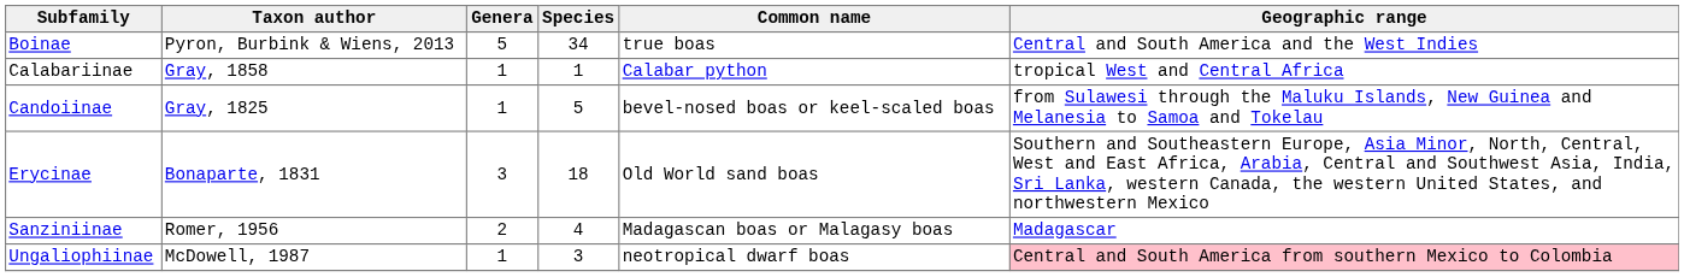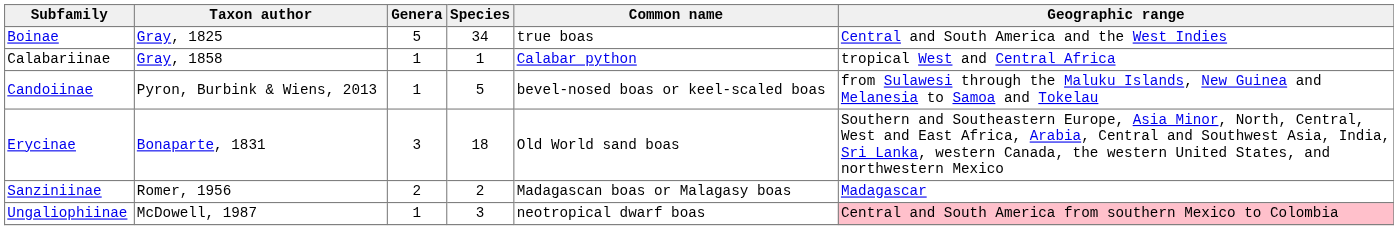 <table cellspacing=0 cellpadding=2 border=1 style="border-collapse: collapse;">
 <tr>
 <th bgcolor="#f0f0f0">Subfamily</th>
 <th bgcolor="#f0f0f0">Taxon author</th>
 <th bgcolor="#f0f0f0">Genera</th>
 <th bgcolor="#f0f0f0">Species</th>
 <th bgcolor="#f0f0f0">Common name</th>
 <th bgcolor="#f0f0f0">Geographic range</th>
 </tr>
 <tr>
 <td><a href='#'>Boinae</a></td>
-<td>Pyron, Burbink & Wiens, 2013</td>
+<td><a href='#'>Gray</a>, 1825</td>
 <td align="center">5</td>
 <td align="center">34</td>
 <td>true boas</td>
 <td style="width:40%"><a href='#'>Central</a> and South America and the <a href='#'>West Indies</a></td>
 </tr>
 <tr>
 <td>Calabariinae</td>
 <td><a href='#'>Gray</a>, 1858</td>
 <td align="center">1</td>
 <td align="center">1</td>
 <td><a href='#'>Calabar python</a></td>
 <td>tropical <a href='#'>West</a> and <a href='#'>Central Africa</a></td>
 </tr>
 <tr>
 <td><a href='#'>Candoiinae</a></td>
-<td><a href='#'>Gray</a>, 1825</td>
+<td>Pyron, Burbink & Wiens, 2013</td>
 <td align="center">1</td>
 <td align="center">5</td>
 <td>bevel-nosed boas or keel-scaled boas</td>
 <td>from <a href='#'>Sulawesi</a> through the <a href='#'>Maluku Islands</a>, <a href='#'>New Guinea</a> and <a href='#'>Melanesia</a> to <a href='#'>Samoa</a> and <a href='#'>Tokelau</a></td>
 </tr>
 <tr>
 <td><a href='#'>Erycinae</a></td>
 <td><a href='#'>Bonaparte</a>, 1831</td>
 <td align="center">3</td>
 <td align="center">18</td>
 <td>Old World sand boas</td>
 <td>Southern and Southeastern Europe, <a href='#'>Asia Minor</a>, North, Central, West and East Africa, <a href='#'>Arabia</a>, Central and Southwest Asia, India, <a href='#'>Sri Lanka</a>, western Canada, the western United States, and northwestern Mexico</td>
 </tr>
 <tr>
 <td><a href='#'>Sanziniinae</a></td>
 <td>Romer, 1956</td>
 <td align="center">2</td>
-<td align="center">4</td>
+<td align="center">2</td>
 <td>Madagascan boas or Malagasy boas</td>
 <td><a href='#'>Madagascar</a></td>
 </tr>
 <tr>
 <td><a href='#'>Ungaliophiinae</a></td>
 <td>McDowell, 1987</td>
 <td align="center">1</td>
 <td align="center">3</td>
 <td>neotropical dwarf boas</td>
 <td style="background: pink;">Central and South America from southern Mexico to Colombia</td>
 </tr>
 <tr>
 </tr>
 </table>
